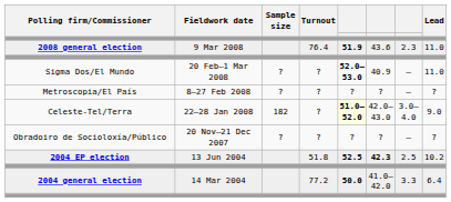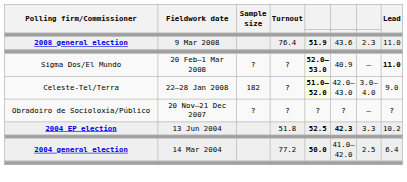 <table class="wikitable collapsible collapsed" style="text-align:center; font-size:95%; line-height:16px;">
 <tr style="height:42px;">
 <th style="width:250px;" rowspan="2">Polling firm/Commissioner</th>
 <th style="width:125px;" rowspan="2">Fieldwork date</th>
 <th style="width:50px;" rowspan="2">Sample size</th>
 <th style="width:45px;" rowspan="2">Turnout</th>
 <th style="width:35px;"></th>
 <th style="width:35px;"></th>
 <th style="width:35px;"></th>
 <th style="width:30px;" rowspan="2">Lead</th>
 </tr>
 <tr>
 <th style="color:inherit;background:"></th>
 <th style="color:inherit;background:"></th>
 <th style="color:inherit;background:"></th>
 </tr>
 <tr>
 <td colspan="8" style="background:#A0A0A0"></td>
 </tr>
 <tr style="background:#EFEFEF;">
 <td><strong><a href='#'>2008 general election</a></strong></td>
 <td>9 Mar 2008</td>
 <td></td>
 <td>76.4</td>
 <td><strong>51.9</strong><br></td>
 <td>43.6<br></td>
 <td>2.3<br></td>
 <td style="background:">11.0</td>
 </tr>
 <tr>
 <td colspan="8" style="background:#A0A0A0"></td>
 </tr>
 <tr>
 <td>Sigma Dos/El Mundo</td>
 <td>20 Feb–1 Mar 2008</td>
 <td>?</td>
 <td>?</td>
 <td><strong>52.0–<br>53.0</strong><br></td>
 <td>40.9<br></td>
 <td>–</td>
-<td style="background:">11.0</td>
-</tr>
-<tr>
-<td>Metroscopia/El País</td>
-<td>8–27 Feb 2008</td>
-<td>?</td>
-<td>?</td>
-<td>?<br></td>
-<td>?<br></td>
-<td>–</td>
-<td style="background:">?</td>
+<td style="background:"><strong>11.0</strong></td>
 </tr>
 <tr>
 <td>Celeste-Tel/Terra</td>
 <td>22–28 Jan 2008</td>
 <td>182</td>
 <td>?</td>
 <td style="background: lightyellow;"><strong>51.0–<br>52.0</strong><br></td>
 <td>42.0–<br>43.0<br></td>
 <td>3.0–<br>4.0<br></td>
 <td style="background:">9.0</td>
 </tr>
 <tr>
 <td>Obradoiro de Socioloxía/Público</td>
 <td>20 Nov–21 Dec 2007</td>
 <td>?</td>
 <td>?</td>
 <td>?<br></td>
 <td>?<br></td>
 <td>–</td>
 <td style="background:">?</td>
 </tr>
 <tr style="background:#EFEFEF;">
 <td><strong><a href='#'>2004 EP election</a></strong></td>
 <td>13 Jun 2004</td>
 <td></td>
 <td>51.8</td>
 <td><strong>52.5</strong><br></td>
 <td><strong>42.3<br></strong></td>
-<td>2.5<br></td>
+<td>3.3<br></td>
 <td style="background:">10.2</td>
 </tr>
 <tr>
 <td colspan="8" style="background:#A0A0A0"></td>
 </tr>
 <tr style="background:#EFEFEF;">
 <td><strong><a href='#'>2004 general election</a></strong></td>
 <td>14 Mar 2004</td>
 <td></td>
 <td>77.2</td>
 <td><strong>50.0</strong><br></td>
 <td>41.0–<br>42.0<br></td>
-<td>3.3<br></td>
+<td>2.5<br></td>
 <td style="background:">6.4</td>
 </tr>
 <tr>
 <td colspan="8" style="background:#A0A0A0"></td>
 </tr>
 </table>
